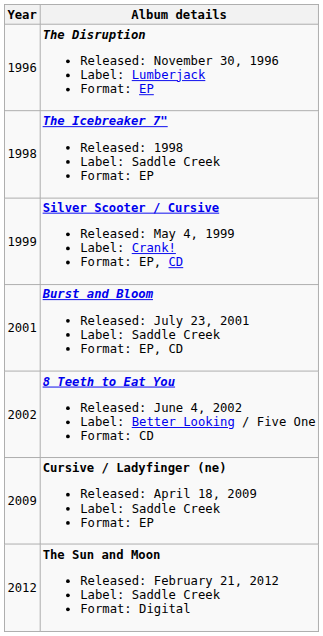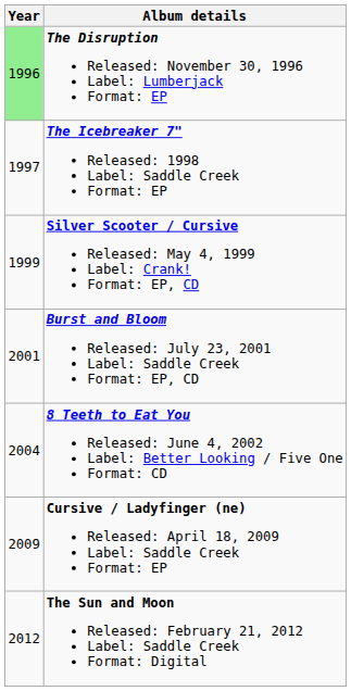 <table class ="wikitable">
 <tr>
 <th>Year</th>
 <th>Album details</th>
 </tr>
 <tr>
-<td>1996</td>
+<td style="background: lightgreen;">1996</td>
 <td><strong><em>The Disruption</em></strong><br><ul><li>Released: November 30, 1996</li><li>Label: <a href='#'>Lumberjack</a></li><li>Format: <a href='#'>EP</a></li></ul></td>
 </tr>
 <tr>
-<td>1998</td>
+<td>1997</td>
 <td><strong><em><a href='#'>The Icebreaker 7"</a></em></strong><br><ul><li>Released: 1998</li><li>Label: Saddle Creek</li><li>Format: EP</li></ul></td>
 </tr>
 <tr>
 <td>1999</td>
 <td><strong><a href='#'>Silver Scooter / Cursive</a></strong><br><ul><li>Released: May 4, 1999</li><li>Label: <a href='#'>Crank!</a></li><li>Format: EP, <a href='#'>CD</a></li></ul></td>
 </tr>
 <tr>
 <td>2001</td>
 <td><strong><em><a href='#'>Burst and Bloom</a></em></strong><br><ul><li>Released: July 23, 2001</li><li>Label: Saddle Creek</li><li>Format: EP, CD</li></ul></td>
 </tr>
 <tr>
-<td>2002</td>
+<td>2004</td>
 <td><strong><em><a href='#'>8 Teeth to Eat You</a></em></strong><br><ul><li>Released: June 4, 2002</li><li>Label: <a href='#'>Better Looking</a> / Five One</li><li>Format: CD</li></ul></td>
 </tr>
 <tr>
 <td>2009</td>
 <td><strong>Cursive / Ladyfinger (ne)</strong><br><ul><li>Released: April 18, 2009</li><li>Label: Saddle Creek</li><li>Format: EP</li></ul></td>
 </tr>
 <tr>
 <td>2012</td>
 <td><strong>The Sun and Moon</strong><br><ul><li>Released: February 21, 2012</li><li>Label: Saddle Creek</li><li>Format: Digital</li></ul></td>
 </tr>
 </table>
